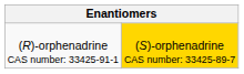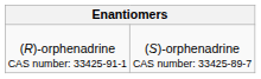 <table class="wikitable" style="text-align:center">
 <tr>
 <th colspan="2">Enantiomers</th>
 </tr>
 <tr>
 <td><br>(<em>R</em>)-orphenadrine<br><small> CAS number: 33425-91-1</small></td>
-<td style="background: gold;"><br>(<em>S</em>)-orphenadrine<br><small> CAS number: 33425-89-7</small></td>
+<td><br>(<em>S</em>)-orphenadrine<br><small> CAS number: 33425-89-7</small></td>
 </tr>
 </table>
